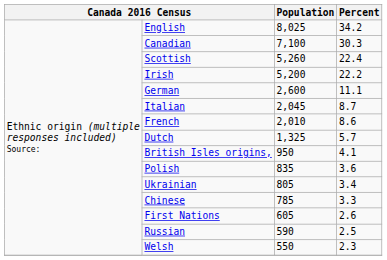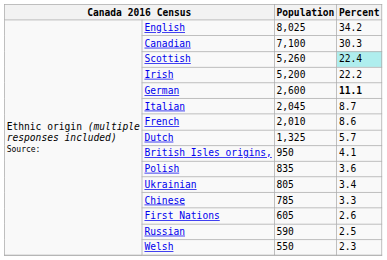 <table class="wikitable">
 <tr>
 <th colspan="2">Canada 2016 Census</th>
 <th>Population</th>
 <th>Percent</th>
 </tr>
 <tr>
 <td rowspan="15">Ethnic origin <em>(multiple <br>responses included)</em> <br><small>Source: </small></td>
 <td><a href='#'>English</a></td>
 <td>8,025</td>
 <td>34.2</td>
 </tr>
 <tr>
 <td><a href='#'>Canadian</a></td>
 <td>7,100</td>
 <td>30.3</td>
 </tr>
 <tr>
 <td><a href='#'>Scottish</a></td>
 <td>5,260</td>
-<td>22.4</td>
+<td style="background: paleturquoise;">22.4</td>
 </tr>
 <tr>
 <td><a href='#'>Irish</a></td>
 <td>5,200</td>
 <td>22.2</td>
 </tr>
 <tr>
 <td><a href='#'>German</a></td>
 <td>2,600</td>
-<td>11.1</td>
+<td><strong>11.1</strong></td>
 </tr>
 <tr>
 <td><a href='#'>Italian</a></td>
 <td>2,045</td>
 <td>8.7</td>
 </tr>
 <tr>
 <td><a href='#'>French</a></td>
 <td>2,010</td>
 <td>8.6</td>
 </tr>
 <tr>
 <td><a href='#'>Dutch</a></td>
 <td>1,325</td>
 <td>5.7</td>
 </tr>
 <tr>
 <td><a href='#'>British Isles origins, </a></td>
 <td>950</td>
 <td>4.1</td>
 </tr>
 <tr>
 <td><a href='#'>Polish</a></td>
 <td>835</td>
 <td>3.6</td>
 </tr>
 <tr>
 <td><a href='#'>Ukrainian</a></td>
 <td>805</td>
 <td>3.4</td>
 </tr>
 <tr>
 <td><a href='#'>Chinese</a></td>
 <td>785</td>
 <td>3.3</td>
 </tr>
 <tr>
 <td><a href='#'>First Nations</a></td>
 <td>605</td>
 <td>2.6</td>
 </tr>
 <tr>
 <td><a href='#'>Russian</a></td>
 <td>590</td>
 <td>2.5</td>
 </tr>
 <tr>
 <td><a href='#'>Welsh</a></td>
 <td>550</td>
 <td>2.3</td>
 </tr>
 <tr>
 </tr>
 </table>
